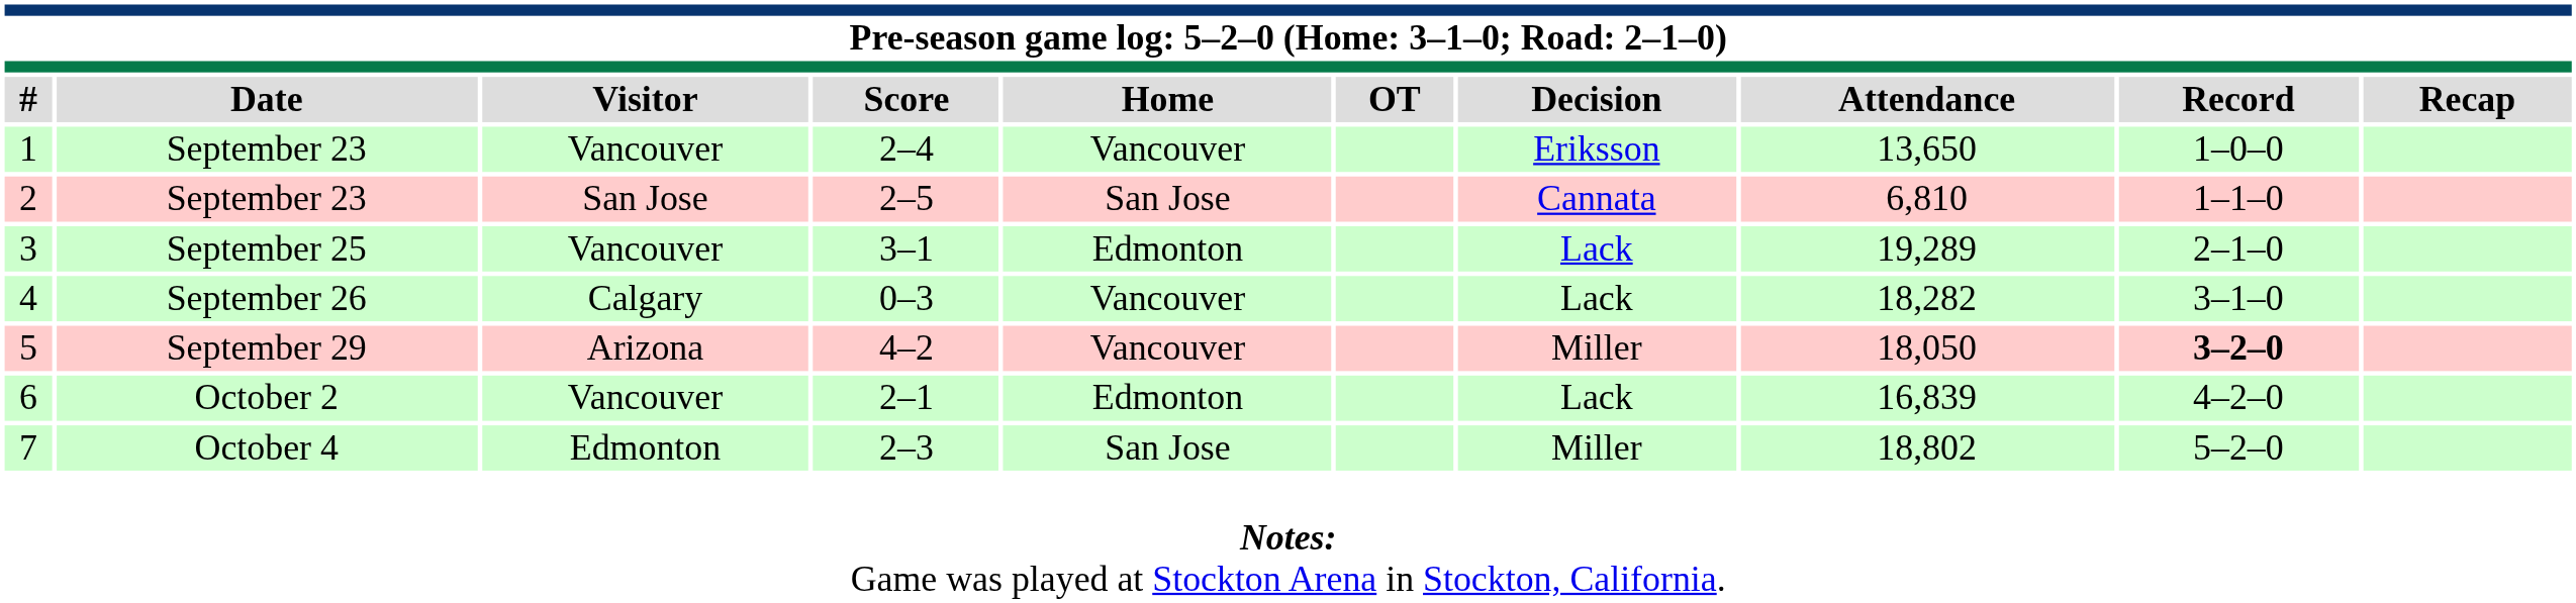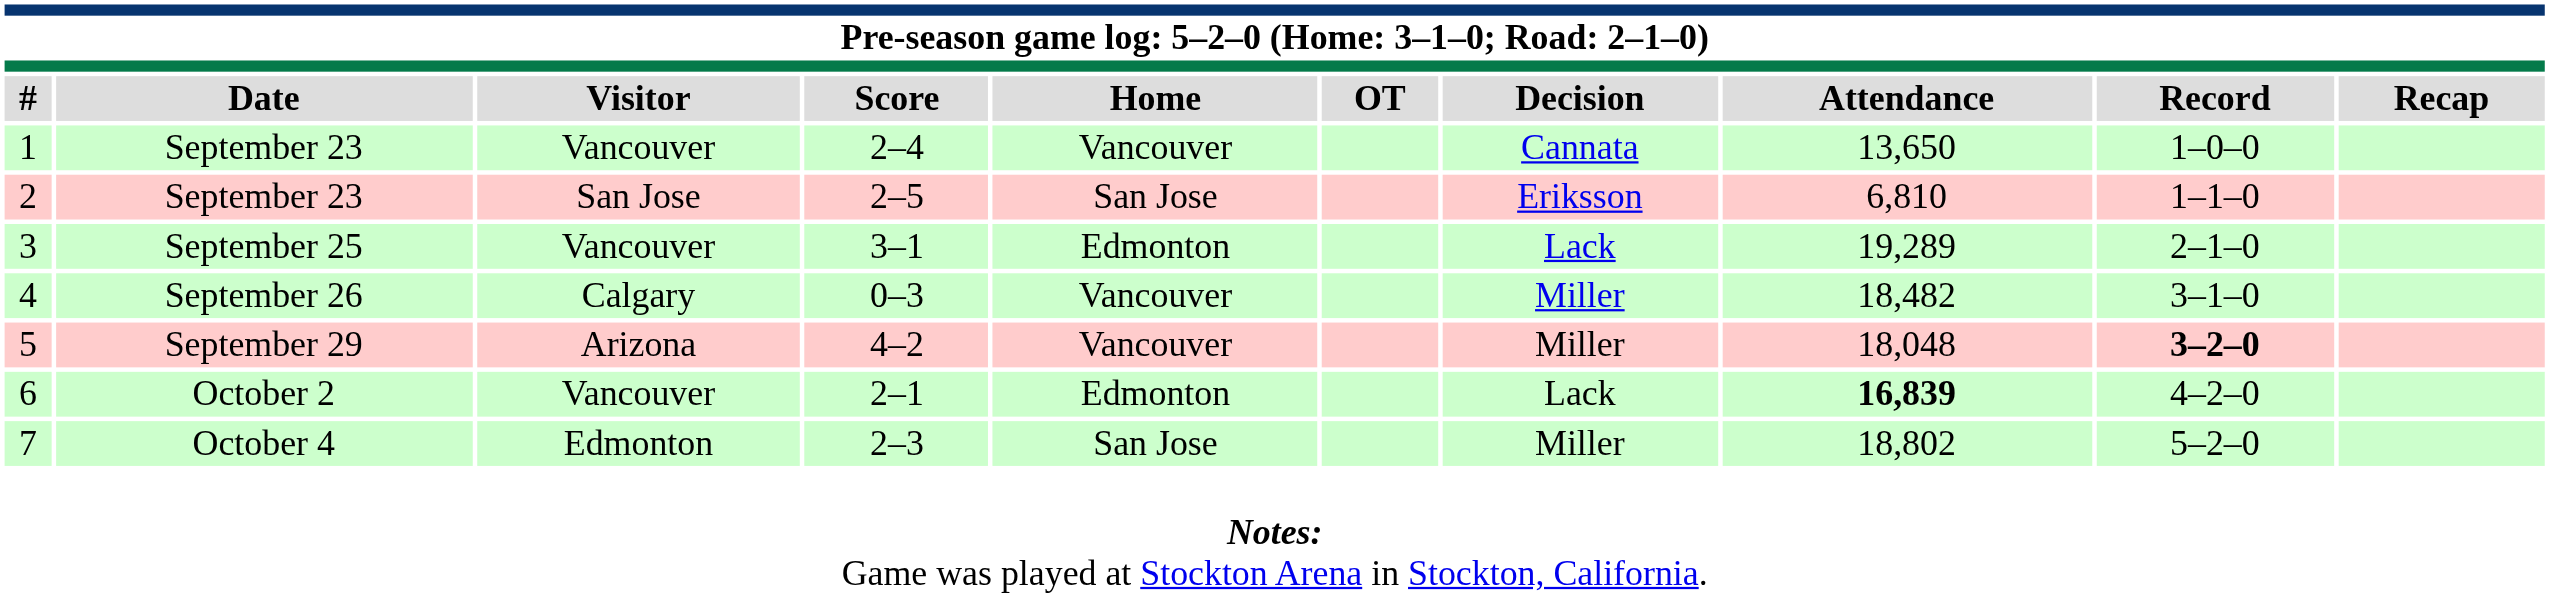 <table class="toccolours collapsible collapsed"  style="width:90%; clear:both; margin:1.5em auto; text-align:center;">
 <tr>
 <th colspan=10 style="background:#fff; border-top:#07346F 5px solid; border-bottom:#047A4A 5px solid;">Pre-season game log: 5–2–0 (Home: 3–1–0; Road: 2–1–0)</th>
 </tr>
 <tr style="text-align:center; background:#ddd;">
 <th>#</th>
 <th>Date</th>
 <th>Visitor</th>
 <th>Score</th>
 <th>Home</th>
 <th>OT</th>
 <th>Decision</th>
 <th>Attendance</th>
 <th>Record</th>
 <th>Recap</th>
 </tr>
 <tr style="text-align:center; background:#cfc;">
 <td>1</td>
 <td>September 23</td>
 <td>Vancouver</td>
 <td>2–4</td>
 <td>Vancouver</td>
 <td></td>
-<td><a href='#'>Eriksson</a></td>
+<td><a href='#'>Cannata</a></td>
 <td>13,650</td>
 <td>1–0–0</td>
 <td></td>
 </tr>
 <tr style="text-align:center; background:#fcc;">
 <td>2</td>
 <td>September 23</td>
 <td>San Jose</td>
 <td>2–5</td>
 <td>San Jose</td>
 <td></td>
-<td><a href='#'>Cannata</a></td>
+<td><a href='#'>Eriksson</a></td>
 <td>6,810</td>
 <td>1–1–0</td>
 <td></td>
 </tr>
 <tr style="text-align:center; background:#cfc;">
 <td>3</td>
 <td>September 25</td>
 <td>Vancouver</td>
 <td>3–1</td>
 <td>Edmonton</td>
 <td></td>
 <td><a href='#'>Lack</a></td>
 <td>19,289</td>
 <td>2–1–0</td>
 <td></td>
 </tr>
 <tr style="text-align:center; background:#cfc;">
 <td>4</td>
 <td>September 26</td>
 <td>Calgary</td>
 <td>0–3</td>
 <td>Vancouver</td>
 <td></td>
-<td>Lack</td>
-<td>18,282</td>
+<td><a href='#'>Miller</a></td>
+<td>18,482</td>
 <td>3–1–0</td>
 <td></td>
 </tr>
 <tr style="text-align:center; background:#fcc;">
 <td>5</td>
 <td>September 29</td>
 <td>Arizona</td>
 <td>4–2</td>
 <td>Vancouver</td>
 <td></td>
 <td>Miller</td>
-<td>18,050</td>
+<td>18,048</td>
 <td><strong>3–2–0</strong></td>
 <td></td>
 </tr>
 <tr style="text-align:center; background:#cfc;">
 <td>6</td>
 <td>October 2</td>
 <td>Vancouver</td>
 <td>2–1</td>
 <td>Edmonton</td>
 <td></td>
 <td>Lack</td>
-<td>16,839</td>
+<td><strong>16,839</strong></td>
 <td>4–2–0</td>
 <td></td>
 </tr>
 <tr style="text-align:center; background:#cfc;">
 <td>7</td>
 <td>October 4</td>
 <td>Edmonton</td>
 <td>2–3</td>
 <td>San Jose</td>
 <td></td>
 <td>Miller</td>
 <td>18,802</td>
 <td>5–2–0</td>
 <td></td>
 </tr>
 <tr>
 <td colspan="10" style="text-align:center;"><br><strong><em>Notes:</em></strong><br> Game was played at <a href='#'>Stockton Arena</a> in <a href='#'>Stockton, California</a>.</td>
 </tr>
 </table>
